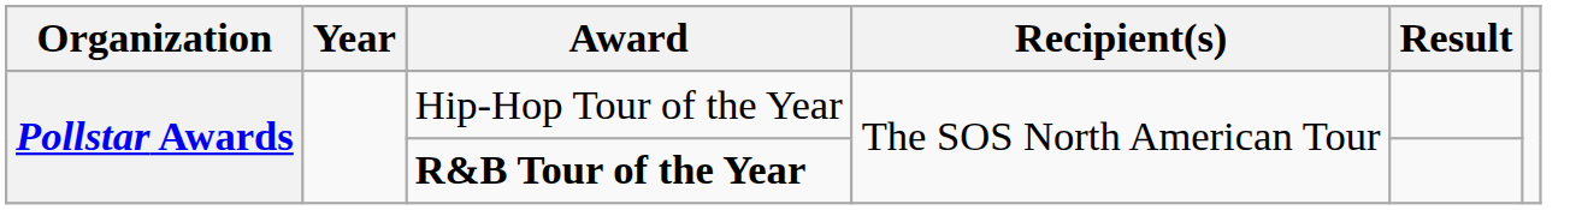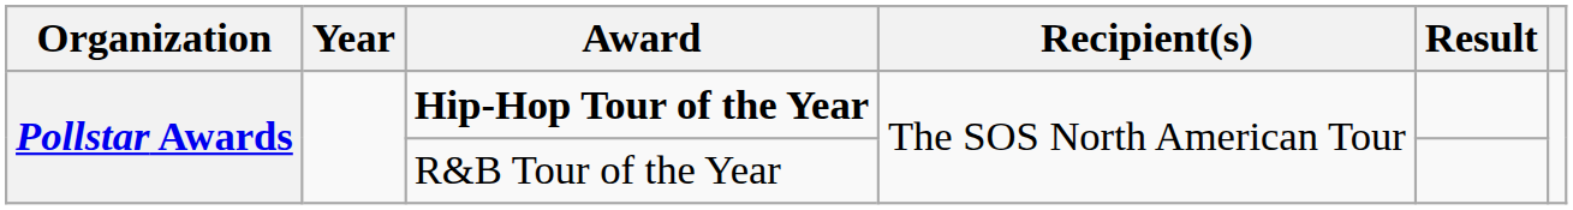 <table class="wikitable sortable plainrowheaders">
 <tr>
 <th scope="col">Organization</th>
 <th scope="col">Year</th>
 <th scope="col">Award</th>
 <th scope="col">Recipient(s)</th>
 <th scope="col">Result</th>
 <th scope="col" class="unsortable"></th>
 </tr>
 <tr>
 <th scope="row" rowspan="2"><a href='#'><em>Pollstar</em> Awards</a></th>
 <td rowspan="2"></td>
-<td>Hip-Hop Tour of the Year</td>
+<td><strong>Hip-Hop Tour of the Year</strong></td>
 <td rowspan="2">The SOS North American Tour</td>
 <td></td>
 <td rowspan="2"></td>
 </tr>
 <tr>
-<td><strong>R&B Tour of the Year</strong></td>
+<td>R&B Tour of the Year</td>
 <td></td>
 </tr>
 </table>
